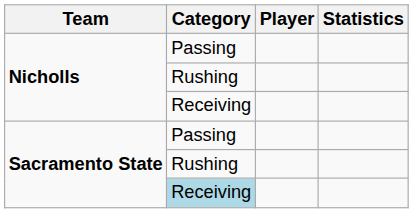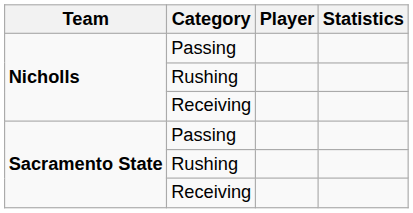 <table class="wikitable" style="float: right;">
 <tr>
 <th>Team</th>
 <th>Category</th>
 <th>Player</th>
 <th>Statistics</th>
 </tr>
 <tr>
 <td rowspan=3><strong>Nicholls</strong></td>
 <td>Passing</td>
 <td></td>
 <td></td>
 </tr>
 <tr>
 <td>Rushing</td>
 <td></td>
 <td></td>
 </tr>
 <tr>
 <td>Receiving</td>
 <td></td>
 <td></td>
 </tr>
 <tr>
 <td rowspan=3><strong>Sacramento State</strong></td>
 <td>Passing</td>
 <td></td>
 <td></td>
 </tr>
 <tr>
 <td>Rushing</td>
 <td></td>
 <td></td>
 </tr>
 <tr>
-<td style="background: lightblue;">Receiving</td>
+<td>Receiving</td>
 <td></td>
 <td></td>
 </tr>
 </table>
